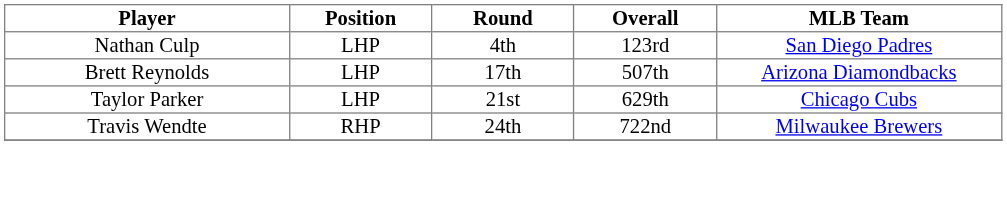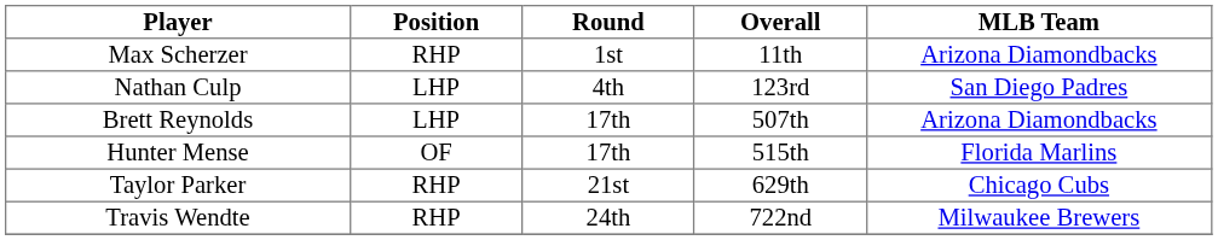 <table class="toccolours" border=1 style="text-align:center; border-collapse:collapse;">
 <tr>
 <th style="width:20%; ">Player</th>
 <th style="width:10%; ">Position</th>
 <th style="width:10%; ">Round</th>
 <th style="width:10%; ">Overall</th>
 <th style="width:20%; ">MLB Team</th>
+</tr>
+<tr>
+<td>Max Scherzer</td>
+<td>RHP</td>
+<td>1st</td>
+<td>11th</td>
+<td><a href='#'>Arizona Diamondbacks</a></td>
 </tr>
 <tr>
 <td>Nathan Culp</td>
 <td>LHP</td>
 <td>4th</td>
 <td>123rd</td>
 <td><a href='#'>San Diego Padres</a></td>
 </tr>
 <tr>
 <td>Brett Reynolds</td>
 <td>LHP</td>
 <td>17th</td>
 <td>507th</td>
 <td><a href='#'>Arizona Diamondbacks</a></td>
 </tr>
 <tr>
+<td>Hunter Mense</td>
+<td>OF</td>
+<td>17th</td>
+<td>515th</td>
+<td><a href='#'>Florida Marlins</a></td>
+</tr>
+<tr>
 <td>Taylor Parker</td>
-<td>LHP</td>
+<td>RHP</td>
 <td>21st</td>
 <td>629th</td>
 <td><a href='#'>Chicago Cubs</a></td>
 </tr>
 <tr>
 <td>Travis Wendte</td>
 <td>RHP</td>
 <td>24th</td>
 <td>722nd</td>
 <td><a href='#'>Milwaukee Brewers</a></td>
 </tr>
 <tr>
 </tr>
 </table>
